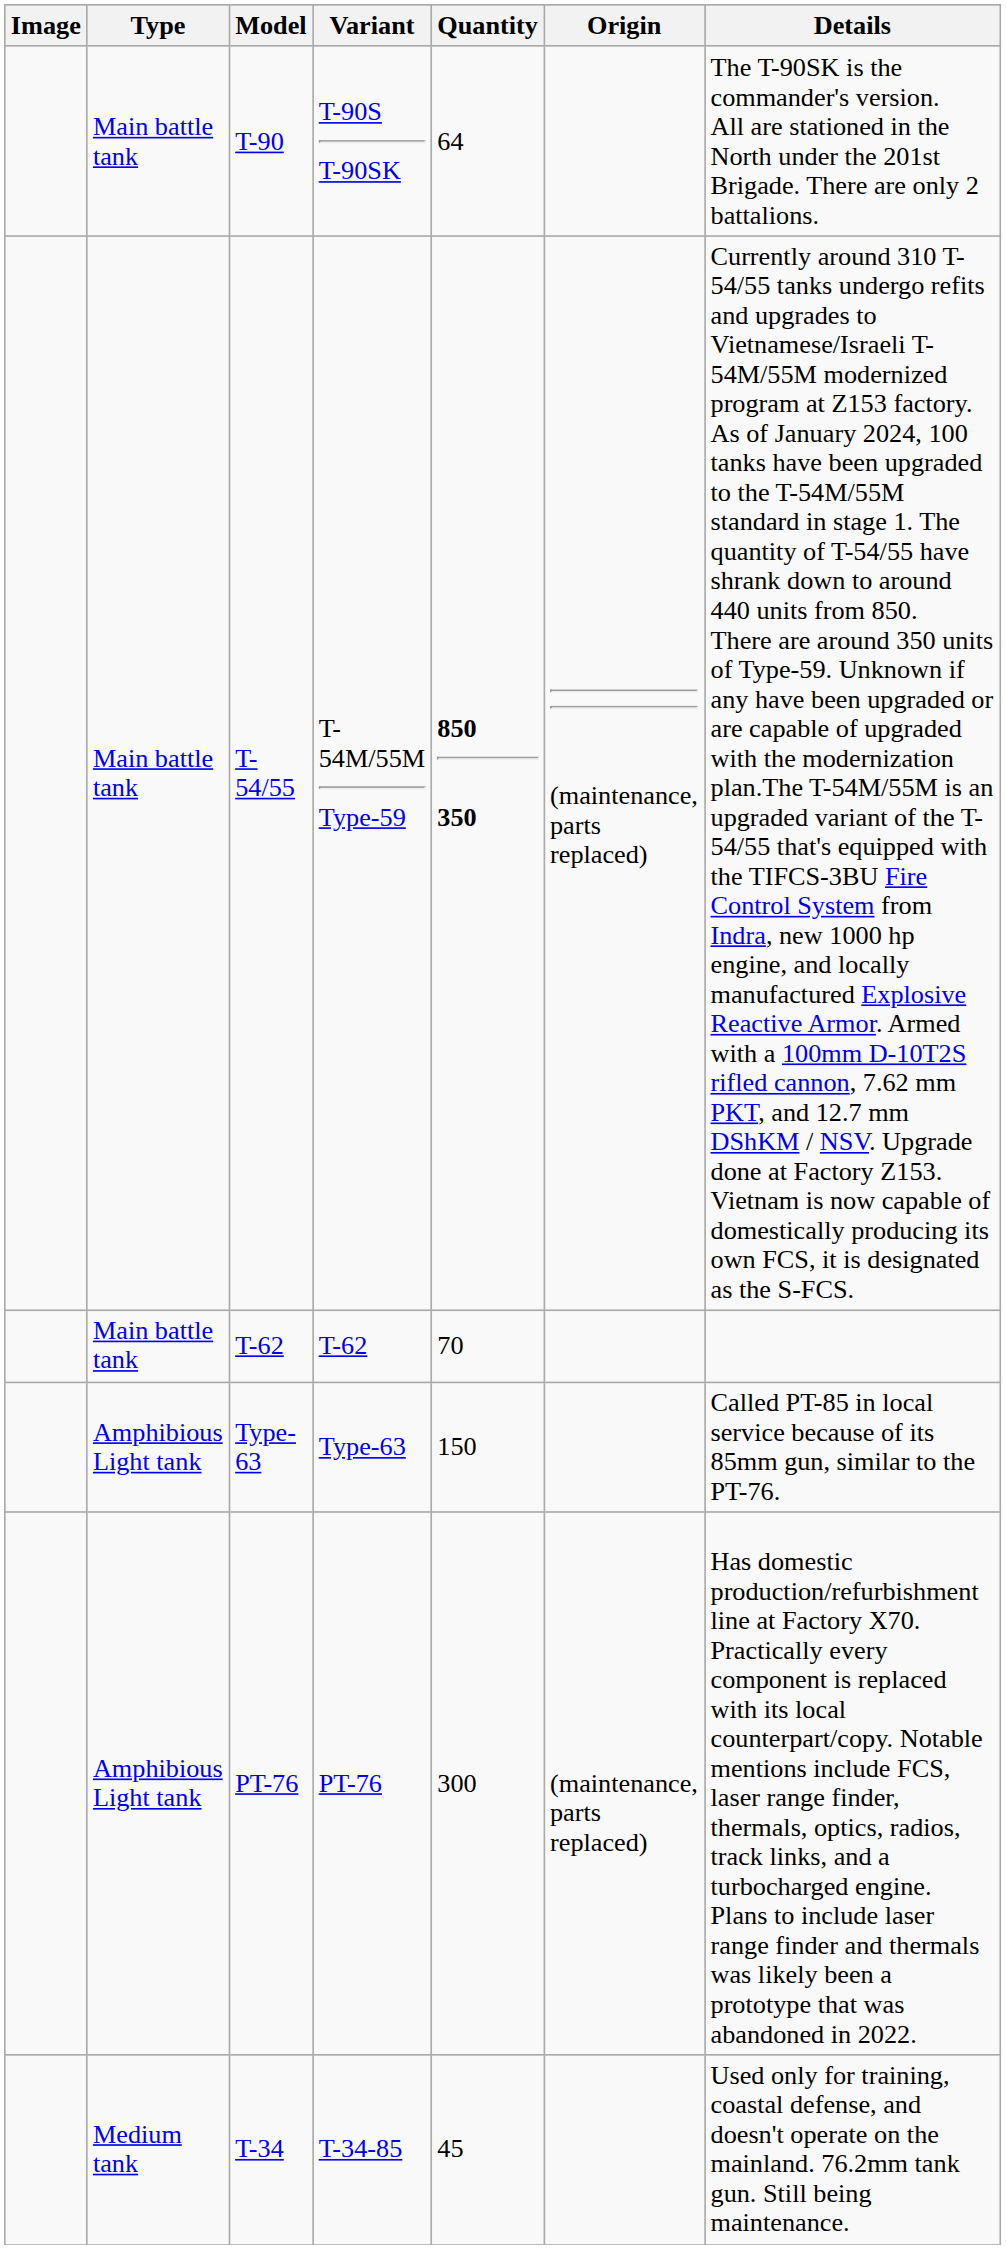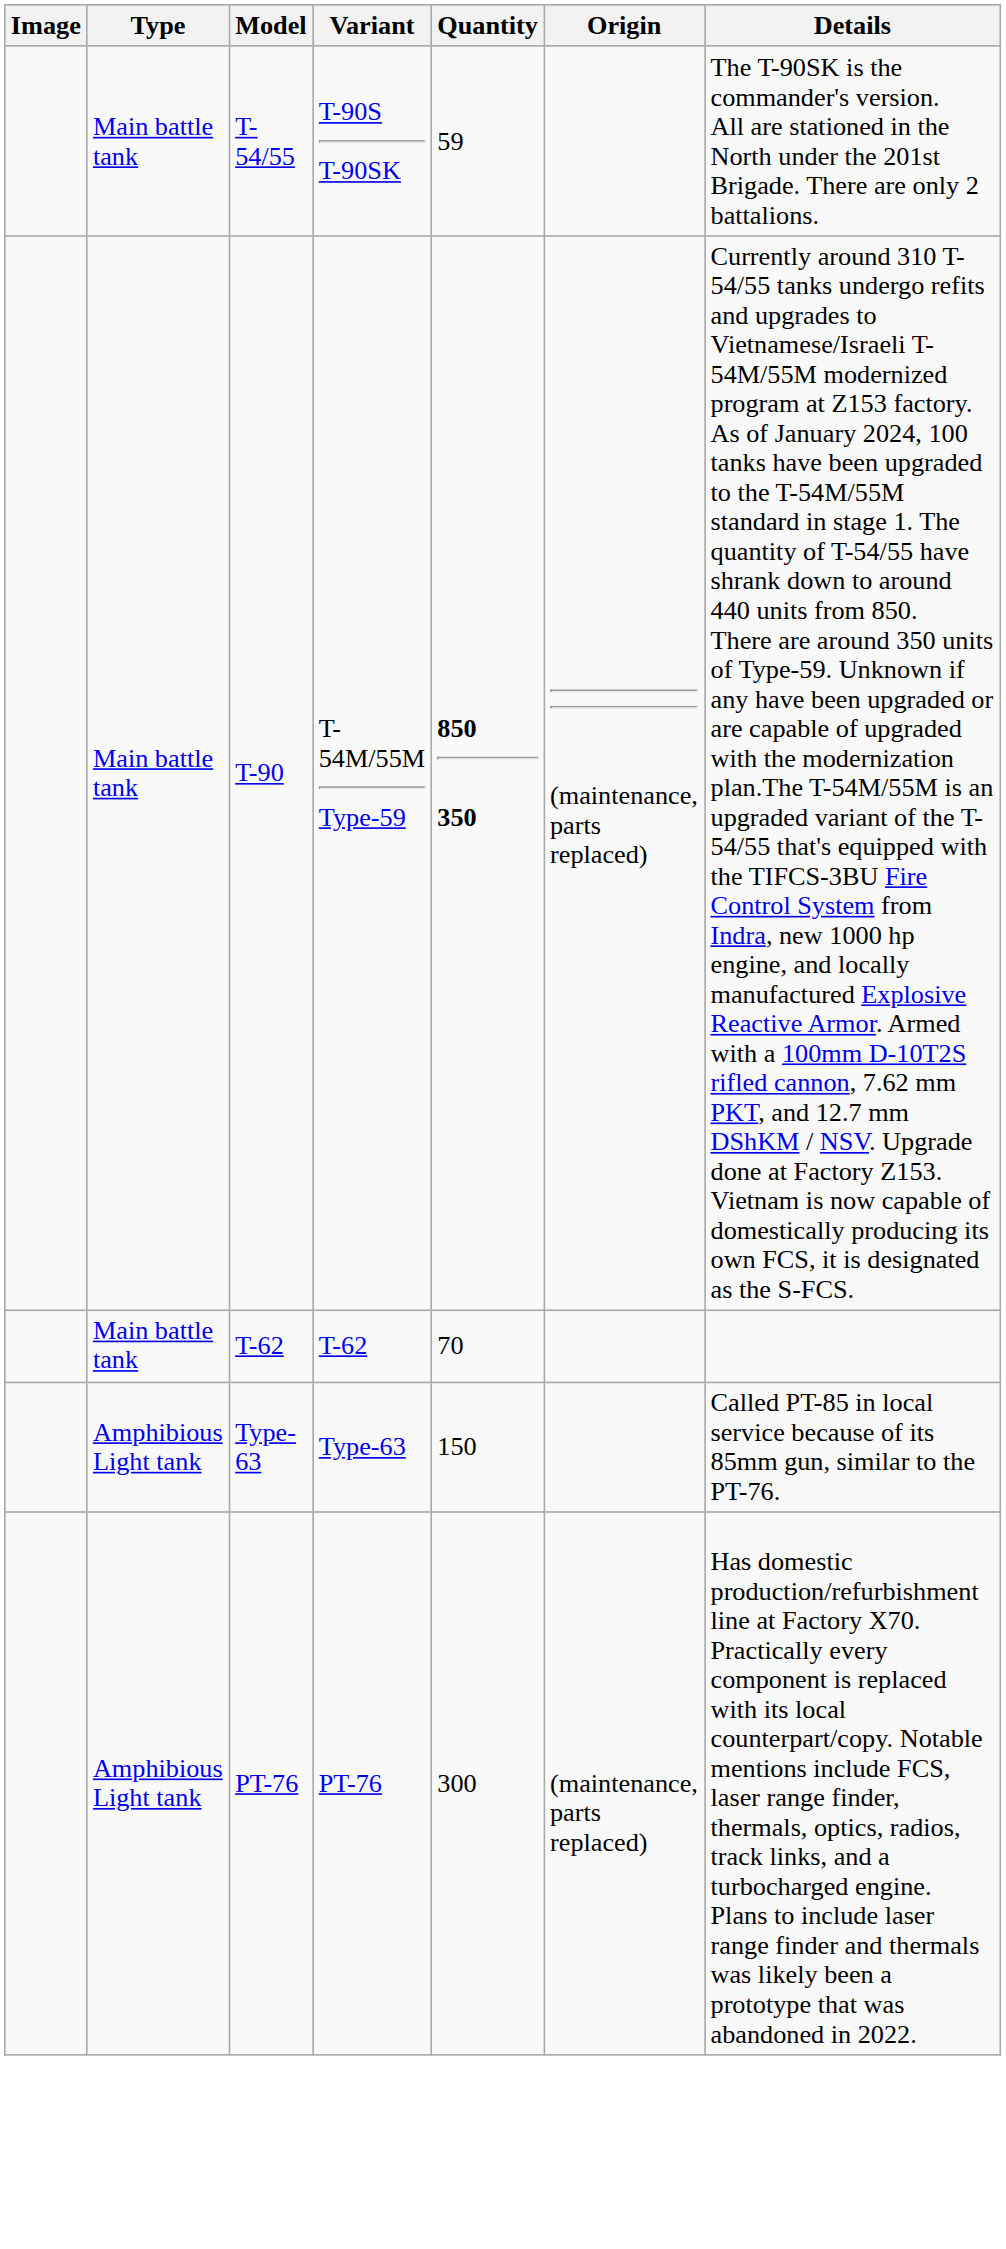 <table class="wikitable">
 <tr>
 <th style="text-align: center;">Image</th>
 <th style="text-align: center;">Type</th>
 <th style="text-align: center;">Model</th>
 <th style="text-align: center;">Variant</th>
 <th>Quantity</th>
 <th style="text-align: center;">Origin</th>
 <th>Details</th>
 </tr>
 <tr>
 <td></td>
 <td><a href='#'>Main battle tank</a></td>
-<td><a href='#'>T-90</a></td>
+<td><a href='#'>T-54/55</a></td>
 <td><a href='#'>T-90S</a><hr> <a href='#'>T-90SK</a></td>
-<td>64</td>
+<td>59</td>
 <td></td>
 <td>The T-90SK is the commander's version.<br>All are stationed in the North under the 201st Brigade. There are only 2 battalions.</td>
 </tr>
 <tr>
 <td><br></td>
 <td><a href='#'>Main battle tank</a></td>
-<td><a href='#'>T-54/55</a></td>
+<td><a href='#'>T-90</a></td>
 <td>T-54M/55M<hr><a href='#'>Type-59</a></td>
 <td><strong>850 <hr><br>350</strong></td>
 <td> <hr>  <hr> <br><br>(maintenance, parts replaced)</td>
 <td>Currently around 310 T-54/55 tanks undergo refits and upgrades to Vietnamese/Israeli T-54M/55M modernized program at Z153 factory. As of January 2024, 100 tanks have been upgraded to the T-54M/55M standard in stage 1. The quantity of T-54/55 have shrank down to around 440 units from 850.<br>There are around 350 units of Type-59. Unknown if any have been upgraded or are capable of upgraded with the modernization plan.The T-54M/55M is an upgraded variant of the T-54/55 that's equipped with the TIFCS-3BU <a href='#'>Fire Control System</a> from <a href='#'>Indra</a>, new 1000 hp engine, and locally manufactured <a href='#'>Explosive Reactive Armor</a>. Armed with a <a href='#'>100mm D-10T2S rifled cannon</a>, 7.62 mm <a href='#'>PKT</a>, and 12.7 mm <a href='#'>DShKM</a> / <a href='#'>NSV</a>. Upgrade done at Factory Z153.<br>Vietnam is now capable of domestically producing its own FCS, it is designated as the S-FCS.</td>
 </tr>
 <tr>
 <td></td>
 <td><a href='#'>Main battle tank</a></td>
 <td><a href='#'>T-62</a></td>
 <td><a href='#'>T-62</a></td>
 <td>70</td>
 <td></td>
 <td></td>
 </tr>
 <tr>
 <td></td>
 <td><a href='#'>Amphibious</a> <a href='#'>Light tank</a></td>
 <td><a href='#'>Type-63</a></td>
 <td><a href='#'>Type-63</a></td>
 <td>150</td>
 <td></td>
 <td>Called PT-85 in local service because of its 85mm gun, similar to the PT-76.</td>
 </tr>
 <tr>
 <td></td>
 <td><a href='#'>Amphibious</a> <a href='#'>Light tank</a></td>
 <td><a href='#'>PT-76</a></td>
 <td><a href='#'>PT-76</a></td>
 <td>300</td>
 <td><br><br>(maintenance, parts replaced)</td>
 <td><br>Has domestic production/refurbishment line at Factory X70. Practically every component is replaced with its local counterpart/copy. Notable mentions include FCS, laser range finder, thermals, optics, radios, track links, and a turbocharged engine. Plans to include laser range finder and thermals was likely been a prototype that was abandoned in 2022.</td>
 </tr>
-<tr>
-<td></td>
-<td><a href='#'>Medium tank</a></td>
-<td><a href='#'>T-34</a></td>
-<td><a href='#'>T-34-85</a></td>
-<td>45</td>
-<td></td>
-<td>Used only for training, coastal defense, and doesn't operate on the mainland. 76.2mm tank gun. Still being maintenance.</td>
-</tr>
 </table>
